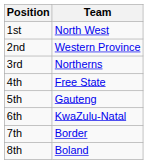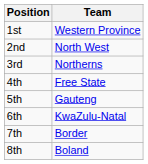 <table class="wikitable">
 <tr>
 <th>Position</th>
 <th>Team</th>
 </tr>
 <tr>
 <td>1st</td>
-<td><a href='#'>North West</a></td>
+<td><a href='#'>Western Province</a></td>
 </tr>
 <tr>
 <td>2nd</td>
-<td><a href='#'>Western Province</a></td>
+<td><a href='#'>North West</a></td>
 </tr>
 <tr>
 <td>3rd</td>
 <td><a href='#'>Northerns</a></td>
 </tr>
 <tr>
 <td>4th</td>
 <td><a href='#'>Free State</a></td>
 </tr>
 <tr>
 <td>5th</td>
 <td><a href='#'>Gauteng</a></td>
 </tr>
 <tr>
 <td>6th</td>
 <td><a href='#'>KwaZulu-Natal</a></td>
 </tr>
 <tr>
 <td>7th</td>
 <td><a href='#'>Border</a></td>
 </tr>
 <tr>
 <td>8th</td>
 <td><a href='#'>Boland</a></td>
 </tr>
 </table>
